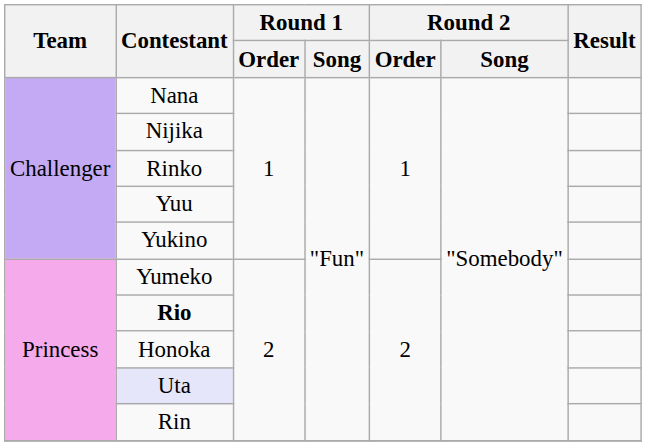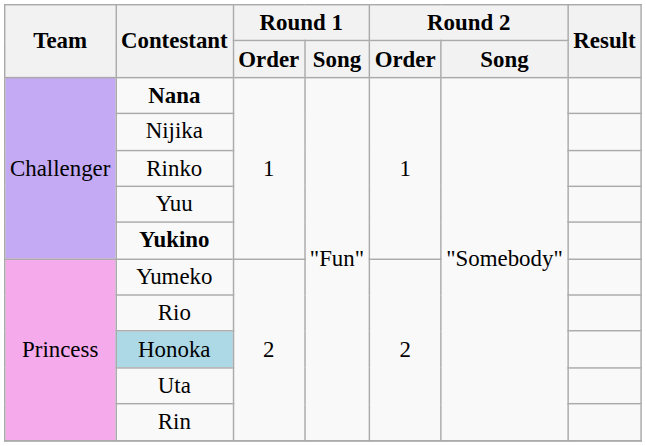 <table class="wikitable sortable" style="text-align:center;">
 <tr>
 <th rowspan="2">Team</th>
 <th rowspan="2">Contestant</th>
 <th colspan="2">Round 1</th>
 <th colspan="2">Round 2</th>
 <th rowspan="2">Result</th>
 </tr>
 <tr>
 <th>Order</th>
 <th>Song</th>
 <th>Order</th>
 <th>Song</th>
 </tr>
 <tr>
 <td rowspan="5" style="background:#c4aaf5;">Challenger</td>
-<td>Nana</td>
+<td><strong>Nana</strong></td>
 <td rowspan="5">1</td>
 <td rowspan="10">"Fun"</td>
 <td rowspan="5">1</td>
 <td rowspan="10">"Somebody"</td>
 <td></td>
 </tr>
 <tr>
 <td>Nijika</td>
 <td></td>
 </tr>
 <tr>
 <td>Rinko</td>
 <td></td>
 </tr>
 <tr>
 <td>Yuu</td>
 <td></td>
 </tr>
 <tr>
-<td>Yukino</td>
+<td><strong>Yukino</strong></td>
 <td></td>
 </tr>
 <tr>
 <td rowspan="5" style="background:#F5AAEC;">Princess</td>
 <td>Yumeko</td>
 <td rowspan="5">2</td>
 <td rowspan="5">2</td>
 <td></td>
 </tr>
 <tr>
-<td><strong>Rio</strong></td>
+<td>Rio</td>
 <td></td>
 </tr>
 <tr>
-<td>Honoka</td>
+<td style="background: lightblue;">Honoka</td>
 <td></td>
 </tr>
 <tr>
-<td style="background: lavender;">Uta</td>
+<td>Uta</td>
 <td></td>
 </tr>
 <tr>
 <td>Rin</td>
 <td></td>
 </tr>
 <tr>
 </tr>
 </table>
